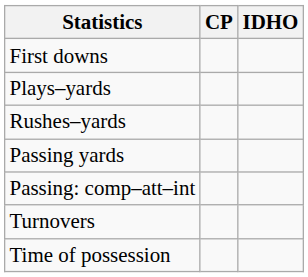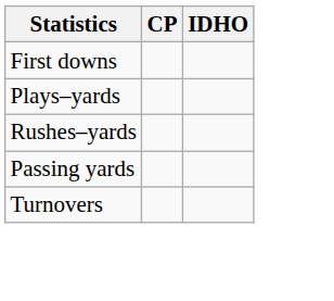 <table class="wikitable" style="float:left">
 <tr>
 <th>Statistics</th>
 <th>CP</th>
 <th>IDHO</th>
 </tr>
 <tr>
 <td>First downs</td>
 <td></td>
 <td></td>
 </tr>
 <tr>
 <td>Plays–yards</td>
 <td></td>
 <td></td>
 </tr>
 <tr>
 <td>Rushes–yards</td>
 <td></td>
 <td></td>
 </tr>
 <tr>
 <td>Passing yards</td>
 <td></td>
 <td></td>
 </tr>
 <tr>
-<td>Passing: comp–att–int</td>
-<td></td>
-<td></td>
-</tr>
-<tr>
 <td>Turnovers</td>
 <td></td>
 <td></td>
 </tr>
-<tr>
-<td>Time of possession</td>
-<td></td>
-<td></td>
-</tr>
 </table>
